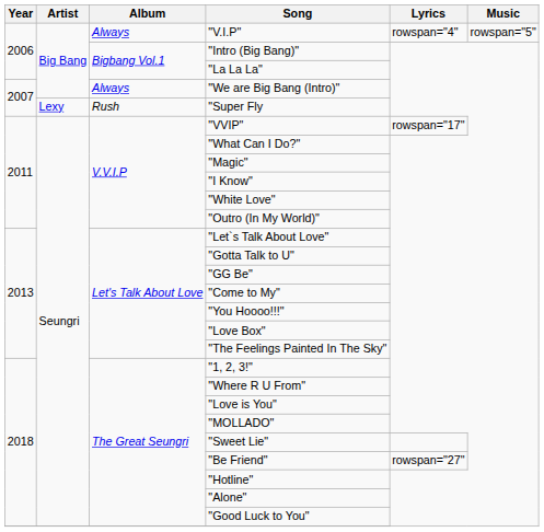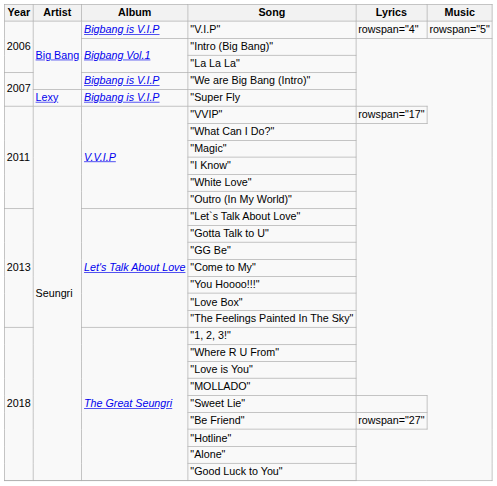 <table class="wikitable sortable">
 <tr>
 <th>Year</th>
 <th>Artist</th>
 <th>Album</th>
 <th>Song</th>
 <th>Lyrics</th>
 <th>Music</th>
 </tr>
 <tr>
 <td rowspan="3">2006</td>
 <td rowspan="4"><a href='#'>Big Bang</a></td>
-<td><em><a href='#'>Always</a></em></td>
+<td><em><a href='#'>Bigbang is V.I.P</a></em></td>
 <td>"V.I.P"</td>
 <td>rowspan="4" </td>
 <td>rowspan="5" </td>
 </tr>
 <tr>
 <td rowspan="2"><em><a href='#'>Bigbang Vol.1</a></em></td>
 <td>"Intro (Big Bang)"</td>
 </tr>
 <tr>
 <td>"La La La"</td>
 </tr>
 <tr>
 <td rowspan="2">2007</td>
-<td><em><a href='#'>Always</a></em></td>
+<td><em><a href='#'>Bigbang is V.I.P</a></em></td>
 <td>"We are Big Bang (Intro)"</td>
 </tr>
 <tr>
 <td><a href='#'>Lexy</a></td>
-<td><em>Rush</em></td>
+<td><em><a href='#'>Bigbang is V.I.P</a></em></td>
 <td>"Super Fly</td>
 </tr>
 <tr>
 <td rowspan="6">2011</td>
 <td rowspan="22">Seungri</td>
 <td rowspan="6"><em><a href='#'>V.V.I.P</a></em></td>
 <td>"VVIP"</td>
 <td>rowspan="17" </td>
 </tr>
 <tr>
 <td>"What Can I Do?"</td>
 </tr>
 <tr>
 <td>"Magic"</td>
 </tr>
 <tr>
 <td>"I Know"</td>
 </tr>
 <tr>
 <td>"White Love"</td>
 </tr>
 <tr>
 <td>"Outro (In My World)"</td>
 </tr>
 <tr>
 <td rowspan="7">2013</td>
 <td rowspan="7"><em><a href='#'>Let's Talk About Love</a></em></td>
 <td>"Let`s Talk About Love"</td>
 </tr>
 <tr>
 <td>"Gotta Talk to U"</td>
 </tr>
 <tr>
 <td>"GG Be"</td>
 </tr>
 <tr>
 <td>"Come to My"</td>
 </tr>
 <tr>
 <td>"You Hoooo!!!"</td>
 </tr>
 <tr>
 <td>"Love Box"</td>
 </tr>
 <tr>
 <td>"The Feelings Painted In The Sky"</td>
 </tr>
 <tr>
 <td rowspan="9">2018</td>
 <td rowspan="9"><em><a href='#'>The Great Seungri</a></em></td>
 <td>"1, 2, 3!"</td>
 </tr>
 <tr>
 <td>"Where R U From"</td>
 </tr>
 <tr>
 <td>"Love is You"</td>
 </tr>
 <tr>
 <td>"MOLLADO"</td>
 </tr>
 <tr>
 <td>"Sweet Lie"</td>
 <td></td>
 </tr>
 <tr>
 <td>"Be Friend"</td>
 <td>rowspan="27" </td>
 </tr>
 <tr>
 <td>"Hotline"</td>
 </tr>
 <tr>
 <td>"Alone"</td>
 </tr>
 <tr>
 <td>"Good Luck to You"</td>
 </tr>
 <tr>
 </tr>
 </table>
